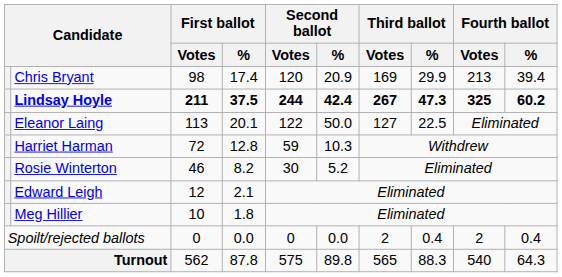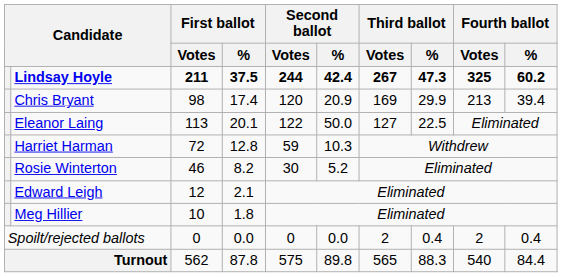 <table class=wikitable>
 <tr>
 <th rowspan="2" colspan="2">Candidate</th>
 <th colspan="2">First ballot</th>
 <th colspan="2">Second ballot</th>
 <th colspan="2">Third ballot</th>
 <th colspan="2">Fourth ballot</th>
 </tr>
 <tr>
 <th style="width: 50px">Votes</th>
 <th style="width: 40px">%</th>
 <th style="width: 50px">Votes</th>
 <th style="width: 40px">%</th>
 <th style="width: 50px">Votes</th>
 <th style="width: 40px">%</th>
 <th style="width: 50px">Votes</th>
 <th style="width: 50px">%</th>
 </tr>
 <tr>
 <th style="background-color: "></th>
+<td style="width: 170px"><strong><a href='#'>Lindsay Hoyle</a></strong> </td>
+<td align="center"><strong>211</strong></td>
+<td align="center"><strong>37.5</strong></td>
+<td align="center"><strong>244</strong></td>
+<td align="center"><strong>42.4</strong></td>
+<td align="center"><strong>267</strong></td>
+<td align="center"><strong>47.3</strong></td>
+<td align="center"><strong>325</strong></td>
+<td align="center"><strong>60.2</strong></td>
+</tr>
+<tr>
+<th style="background-color: "></th>
 <td style="width: 170px"><a href='#'>Chris Bryant</a></td>
 <td align="center">98</td>
 <td align="center">17.4</td>
 <td align="center">120</td>
 <td align="center">20.9</td>
 <td align="center">169</td>
 <td align="center">29.9</td>
 <td align="center">213</td>
 <td align="center">39.4</td>
-</tr>
-<tr>
-<th style="background-color: "></th>
-<td style="width: 170px"><strong><a href='#'>Lindsay Hoyle</a></strong> </td>
-<td align="center"><strong>211</strong></td>
-<td align="center"><strong>37.5</strong></td>
-<td align="center"><strong>244</strong></td>
-<td align="center"><strong>42.4</strong></td>
-<td align="center"><strong>267</strong></td>
-<td align="center"><strong>47.3</strong></td>
-<td align="center"><strong>325</strong></td>
-<td align="center"><strong>60.2</strong></td>
 </tr>
 <tr>
 <th style="background-color: "></th>
 <td style="width: 170px"><a href='#'>Eleanor Laing</a></td>
 <td align="center">113</td>
 <td align="center">20.1</td>
 <td align="center">122</td>
 <td align="center">50.0</td>
 <td align="center">127</td>
 <td align="center">22.5</td>
 <td colspan="2" align="center"><em>Eliminated</em></td>
 </tr>
 <tr>
 <th style="background-color: "></th>
 <td style="width: 170px"><a href='#'>Harriet Harman</a></td>
 <td align="center">72</td>
 <td align="center">12.8</td>
 <td align="center">59</td>
 <td align="center">10.3</td>
 <td colspan="4" align="center"><em>Withdrew</em></td>
 </tr>
 <tr>
 <th style="background-color: "></th>
 <td style="width: 170px"><a href='#'>Rosie Winterton</a></td>
 <td align="center">46</td>
 <td align="center">8.2</td>
 <td align="center">30</td>
 <td align="center">5.2</td>
 <td colspan="4" align="center"><em>Eliminated</em></td>
 </tr>
 <tr>
 <th style="background-color: "></th>
 <td style="width: 170px"><a href='#'>Edward Leigh</a></td>
 <td align="center">12</td>
 <td align="center">2.1</td>
 <td colspan="6" align="center"><em>Eliminated</em></td>
 </tr>
 <tr>
 <th style="background-color: "></th>
 <td style="width: 170px"><a href='#'>Meg Hillier</a></td>
 <td align="center">10</td>
 <td align="center">1.8</td>
 <td colspan="6" align="center"><em>Eliminated</em></td>
 </tr>
 <tr>
 <td colspan="2" align="left"><em>Spoilt/rejected ballots</em></td>
 <td align="center">0</td>
 <td align="center">0.0</td>
 <td align="center">0</td>
 <td align="center">0.0</td>
 <td align="center">2</td>
 <td align="center">0.4</td>
 <td align="center">2</td>
 <td align="center">0.4</td>
 </tr>
 <tr>
 <th colspan="2" style="text-align:right">Turnout</th>
 <td align="center">562</td>
 <td align="center">87.8</td>
 <td align="center">575</td>
 <td align="center">89.8</td>
 <td align="center">565</td>
 <td align="center">88.3</td>
 <td align="center">540</td>
-<td align="center">64.3</td>
+<td align="center">84.4</td>
 </tr>
 </table>
